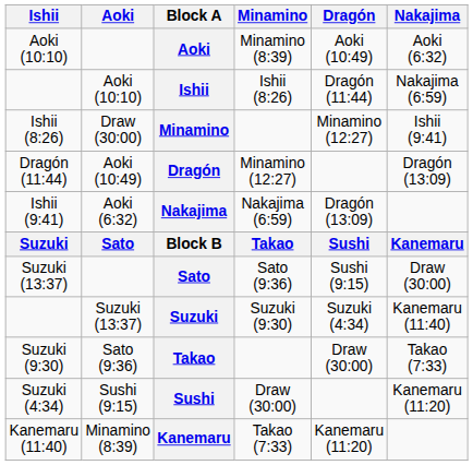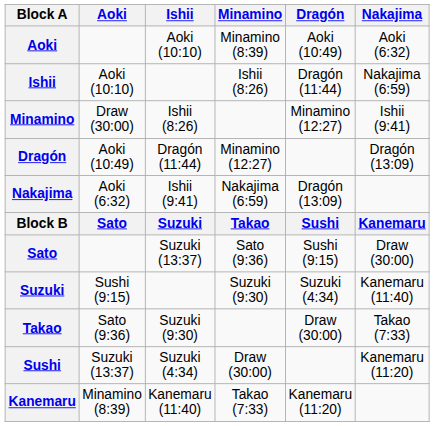 <table class="wikitable" style="margin: 1em auto 1em auto;text-align:center">
 <tr>
+<th>Block A</th>
+<th><a href='#'>Aoki</a></th>
 <th><a href='#'>Ishii</a></th>
-<th><a href='#'>Aoki</a></th>
-<th>Block A</th>
 <th><a href='#'>Minamino</a></th>
 <th><a href='#'>Dragón</a></th>
 <th><a href='#'>Nakajima</a></th>
 </tr>
 <tr>
+<th><a href='#'>Aoki</a></th>
+<td></td>
 <td>Aoki<br>(10:10)</td>
-<td></td>
-<th><a href='#'>Aoki</a></th>
 <td>Minamino<br>(8:39)</td>
 <td>Aoki<br>(10:49)</td>
 <td>Aoki<br>(6:32)</td>
 </tr>
 <tr>
+<th><a href='#'>Ishii</a></th>
+<td>Aoki<br>(10:10)</td>
 <td></td>
-<td>Aoki<br>(10:10)</td>
-<th><a href='#'>Ishii</a></th>
 <td>Ishii<br>(8:26)</td>
 <td>Dragón<br>(11:44)</td>
 <td>Nakajima<br>(6:59)</td>
 </tr>
 <tr>
+<th><a href='#'>Minamino</a></th>
+<td>Draw<br>(30:00)</td>
 <td>Ishii<br>(8:26)</td>
-<td>Draw<br>(30:00)</td>
-<th><a href='#'>Minamino</a></th>
 <td></td>
 <td>Minamino<br>(12:27)</td>
 <td>Ishii<br>(9:41)</td>
 </tr>
 <tr>
+<th><a href='#'>Dragón</a></th>
+<td>Aoki<br>(10:49)</td>
 <td>Dragón<br>(11:44)</td>
-<td>Aoki<br>(10:49)</td>
-<th><a href='#'>Dragón</a></th>
 <td>Minamino<br>(12:27)</td>
 <td></td>
 <td>Dragón<br>(13:09)</td>
 </tr>
 <tr>
+<th><a href='#'>Nakajima</a></th>
+<td>Aoki<br>(6:32)</td>
 <td>Ishii<br>(9:41)</td>
-<td>Aoki<br>(6:32)</td>
-<th><a href='#'>Nakajima</a></th>
 <td>Nakajima<br>(6:59)</td>
 <td>Dragón<br>(13:09)</td>
 <td></td>
 </tr>
 <tr>
+<th>Block B</th>
+<th><a href='#'>Sato</a></th>
 <th><a href='#'>Suzuki</a></th>
-<th><a href='#'>Sato</a></th>
-<th>Block B</th>
 <th><a href='#'>Takao</a></th>
 <th><a href='#'>Sushi</a></th>
 <th><a href='#'>Kanemaru</a></th>
 </tr>
 <tr>
+<th><a href='#'>Sato</a></th>
+<td></td>
 <td>Suzuki<br>(13:37)</td>
-<td></td>
-<th><a href='#'>Sato</a></th>
 <td>Sato<br>(9:36)</td>
 <td>Sushi<br>(9:15)</td>
 <td>Draw<br>(30:00)</td>
 </tr>
 <tr>
+<th><a href='#'>Suzuki</a></th>
+<td>Sushi<br>(9:15)</td>
 <td></td>
-<td>Suzuki<br>(13:37)</td>
-<th><a href='#'>Suzuki</a></th>
 <td>Suzuki<br>(9:30)</td>
 <td>Suzuki<br>(4:34)</td>
 <td>Kanemaru<br>(11:40)</td>
 </tr>
 <tr>
+<th><a href='#'>Takao</a></th>
+<td>Sato<br>(9:36)</td>
 <td>Suzuki<br>(9:30)</td>
-<td>Sato<br>(9:36)</td>
-<th><a href='#'>Takao</a></th>
 <td></td>
 <td>Draw<br>(30:00)</td>
 <td>Takao<br>(7:33)</td>
 </tr>
 <tr>
+<th><a href='#'>Sushi</a></th>
+<td>Suzuki<br>(13:37)</td>
 <td>Suzuki<br>(4:34)</td>
-<td>Sushi<br>(9:15)</td>
-<th><a href='#'>Sushi</a></th>
 <td>Draw<br>(30:00)</td>
 <td></td>
 <td>Kanemaru<br>(11:20)</td>
 </tr>
 <tr>
+<th><a href='#'>Kanemaru</a></th>
+<td>Minamino<br>(8:39)</td>
 <td>Kanemaru<br>(11:40)</td>
-<td>Minamino<br>(8:39)</td>
-<th><a href='#'>Kanemaru</a></th>
 <td>Takao<br>(7:33)</td>
 <td>Kanemaru<br>(11:20)</td>
 <td></td>
 </tr>
 </table>
